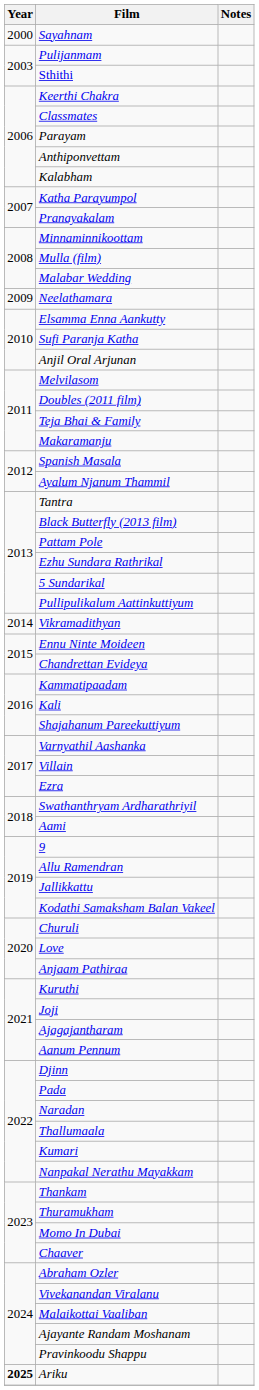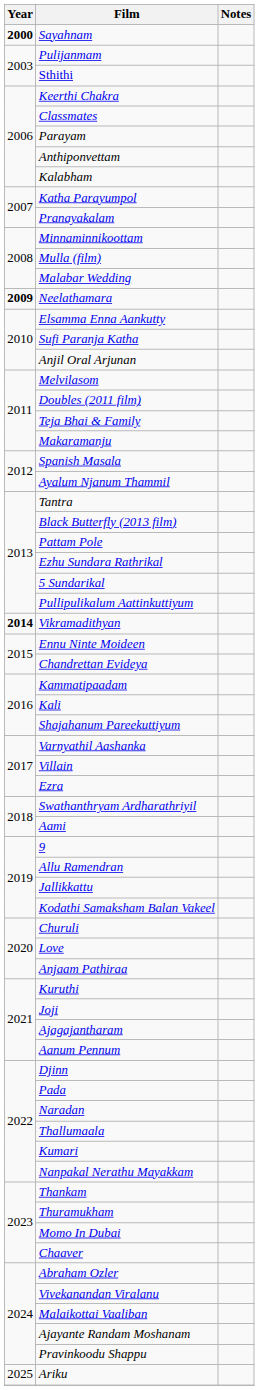 <table class="wikitable sortable">
 <tr>
 <th>Year</th>
 <th>Film</th>
 <th>Notes</th>
 </tr>
 <tr>
-<td>2000</td>
+<td><strong>2000</strong></td>
 <td><em><a href='#'>Sayahnam</a></em></td>
 <td></td>
 </tr>
 <tr>
 <td rowspan=2>2003</td>
 <td><em><a href='#'>Pulijanmam</a></em></td>
 <td></td>
 </tr>
 <tr>
 <td><a href='#'>Sthithi</a></td>
 <td></td>
 </tr>
 <tr>
 <td rowspan=5>2006</td>
 <td><em><a href='#'>Keerthi Chakra</a></em></td>
 <td></td>
 </tr>
 <tr>
 <td><em><a href='#'>Classmates</a></em></td>
 <td></td>
 </tr>
 <tr>
 <td><em>Parayam</em></td>
 <td></td>
 </tr>
 <tr>
 <td><em>Anthiponvettam</em></td>
 <td></td>
 </tr>
 <tr>
 <td><em>Kalabham </em></td>
 <td></td>
 </tr>
 <tr>
 <td rowspan=2>2007</td>
 <td><em><a href='#'>Katha Parayumpol</a></em></td>
 <td></td>
 </tr>
 <tr>
 <td><em><a href='#'>Pranayakalam</a></em></td>
 <td></td>
 </tr>
 <tr>
 <td rowspan=3>2008</td>
 <td><em><a href='#'>Minnaminnikoottam</a></em></td>
 <td></td>
 </tr>
 <tr>
 <td><em><a href='#'>Mulla (film)</a></em></td>
 <td></td>
 </tr>
 <tr>
 <td><em><a href='#'>Malabar Wedding</a></em></td>
 <td></td>
 </tr>
 <tr>
-<td>2009</td>
+<td><strong>2009</strong></td>
 <td><em><a href='#'>Neelathamara</a></em></td>
 <td></td>
 </tr>
 <tr>
 <td rowspan=3>2010</td>
 <td><em><a href='#'>Elsamma Enna Aankutty</a></em></td>
 <td></td>
 </tr>
 <tr>
 <td><em><a href='#'>Sufi Paranja Katha</a></em></td>
 <td></td>
 </tr>
 <tr>
 <td><em>Anjil Oral Arjunan</em></td>
 <td></td>
 </tr>
 <tr>
 <td rowspan=4>2011</td>
 <td><em><a href='#'>Melvilasom</a></em></td>
 <td></td>
 </tr>
 <tr>
 <td><em><a href='#'>Doubles (2011 film)</a></em></td>
 <td></td>
 </tr>
 <tr>
 <td><em><a href='#'>Teja Bhai & Family</a></em></td>
 <td></td>
 </tr>
 <tr>
 <td><em><a href='#'>Makaramanju</a></em></td>
 <td></td>
 </tr>
 <tr>
 <td rowspan=2>2012</td>
 <td><em><a href='#'>Spanish Masala</a></em></td>
 <td></td>
 </tr>
 <tr>
 <td><em><a href='#'>Ayalum Njanum Thammil</a></em></td>
 <td></td>
 </tr>
 <tr>
 <td rowspan=6>2013</td>
 <td><em>Tantra</em></td>
 <td></td>
 </tr>
 <tr>
 <td><em><a href='#'>Black Butterfly (2013 film)</a></em></td>
 <td></td>
 </tr>
 <tr>
 <td><em><a href='#'>Pattam Pole</a></em></td>
 <td></td>
 </tr>
 <tr>
 <td><em><a href='#'>Ezhu Sundara Rathrikal</a></em></td>
 <td></td>
 </tr>
 <tr>
 <td><em><a href='#'>5 Sundarikal</a></em></td>
 <td></td>
 </tr>
 <tr>
 <td><em><a href='#'>Pullipulikalum Aattinkuttiyum</a></em></td>
 <td></td>
 </tr>
 <tr>
-<td>2014</td>
+<td><strong>2014</strong></td>
 <td><em><a href='#'>Vikramadithyan</a></em></td>
 <td></td>
 </tr>
 <tr>
 <td rowspan=2>2015</td>
 <td><em><a href='#'>Ennu Ninte Moideen</a></em></td>
 <td></td>
 </tr>
 <tr>
 <td><em><a href='#'>Chandrettan Evideya</a></em></td>
 <td></td>
 </tr>
 <tr>
 <td rowspan=3>2016</td>
 <td><em><a href='#'>Kammatipaadam</a></em></td>
 <td></td>
 </tr>
 <tr>
 <td><em><a href='#'>Kali</a></em></td>
 <td></td>
 </tr>
 <tr>
 <td><em><a href='#'>Shajahanum Pareekuttiyum</a></em></td>
 <td></td>
 </tr>
 <tr>
 <td rowspan=3>2017</td>
 <td><em><a href='#'>Varnyathil Aashanka</a></em></td>
 <td></td>
 </tr>
 <tr>
 <td><em><a href='#'>Villain</a></em></td>
 <td></td>
 </tr>
 <tr>
 <td><em><a href='#'>Ezra</a></em></td>
 <td></td>
 </tr>
 <tr>
 <td rowspan=2>2018</td>
 <td><em><a href='#'>Swathanthryam Ardharathriyil</a></em></td>
 <td></td>
 </tr>
 <tr>
 <td><em><a href='#'>Aami</a></em></td>
 <td></td>
 </tr>
 <tr>
 <td rowspan=4>2019</td>
 <td><em><a href='#'>9</a></em></td>
 <td></td>
 </tr>
 <tr>
 <td><em><a href='#'>Allu Ramendran</a></em></td>
 <td></td>
 </tr>
 <tr>
 <td><em><a href='#'>Jallikkattu</a></em></td>
 <td></td>
 </tr>
 <tr>
 <td><em><a href='#'>Kodathi Samaksham Balan Vakeel</a></em></td>
 <td></td>
 </tr>
 <tr>
 <td rowspan=3>2020</td>
 <td><em><a href='#'>Churuli</a></em></td>
 <td></td>
 </tr>
 <tr>
 <td><em><a href='#'>Love</a></em></td>
 <td></td>
 </tr>
 <tr>
 <td><em><a href='#'>Anjaam Pathiraa</a></em></td>
 <td></td>
 </tr>
 <tr>
 <td rowspan=4>2021</td>
 <td><em><a href='#'>Kuruthi</a></em></td>
 <td></td>
 </tr>
 <tr>
 <td><em><a href='#'>Joji</a></em></td>
 <td></td>
 </tr>
 <tr>
 <td><em><a href='#'>Ajagajantharam</a></em></td>
 <td></td>
 </tr>
 <tr>
 <td><em><a href='#'>Aanum Pennum</a></em></td>
 <td></td>
 </tr>
 <tr>
 <td rowspan="6">2022</td>
 <td><em><a href='#'>Djinn</a></em></td>
 <td></td>
 </tr>
 <tr>
 <td><em><a href='#'>Pada</a></em></td>
 <td></td>
 </tr>
 <tr>
 <td><em><a href='#'>Naradan</a></em></td>
 <td></td>
 </tr>
 <tr>
 <td><em><a href='#'>Thallumaala</a></em></td>
 <td></td>
 </tr>
 <tr>
 <td><em><a href='#'>Kumari</a></em></td>
 <td></td>
 </tr>
 <tr>
 <td><em><a href='#'>Nanpakal Nerathu Mayakkam</a></em></td>
 <td></td>
 </tr>
 <tr>
 <td rowspan=4>2023</td>
 <td><em><a href='#'>Thankam</a></em></td>
 <td></td>
 </tr>
 <tr>
 <td><em><a href='#'>Thuramukham</a></em></td>
 <td></td>
 </tr>
 <tr>
 <td><em><a href='#'>Momo In Dubai</a></em></td>
 <td></td>
 </tr>
 <tr>
 <td><em><a href='#'>Chaaver</a></em></td>
 <td></td>
 </tr>
 <tr>
 <td rowspan="5">2024</td>
 <td><em><a href='#'>Abraham Ozler</a></em></td>
 <td></td>
 </tr>
 <tr>
 <td><em><a href='#'>Vivekanandan Viralanu</a></em></td>
 <td></td>
 </tr>
 <tr>
 <td><em><a href='#'>Malaikottai Vaaliban</a></em></td>
 <td></td>
 </tr>
 <tr>
 <td><em>Ajayante Randam Moshanam</em></td>
 <td></td>
 </tr>
 <tr>
 <td><em>Pravinkoodu Shappu</em></td>
 <td></td>
 </tr>
 <tr>
-<td><strong>2025</strong></td>
+<td>2025</td>
 <td><em>Ariku</em></td>
 <td></td>
 </tr>
 <tr>
 </tr>
 </table>
